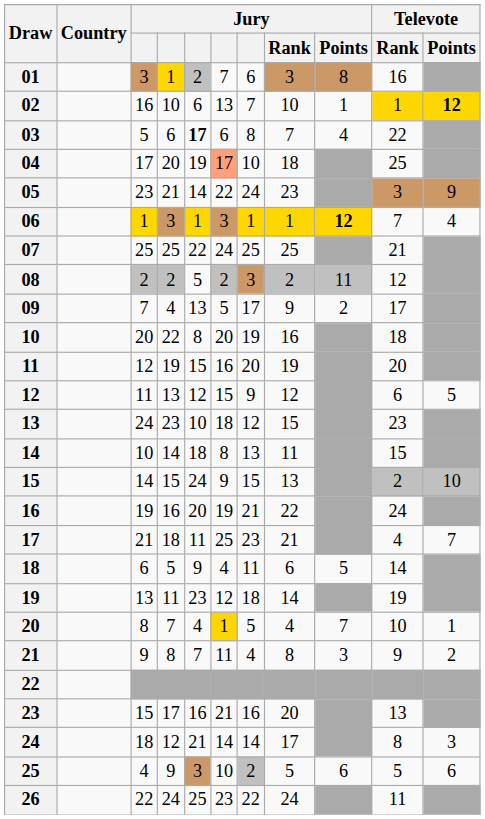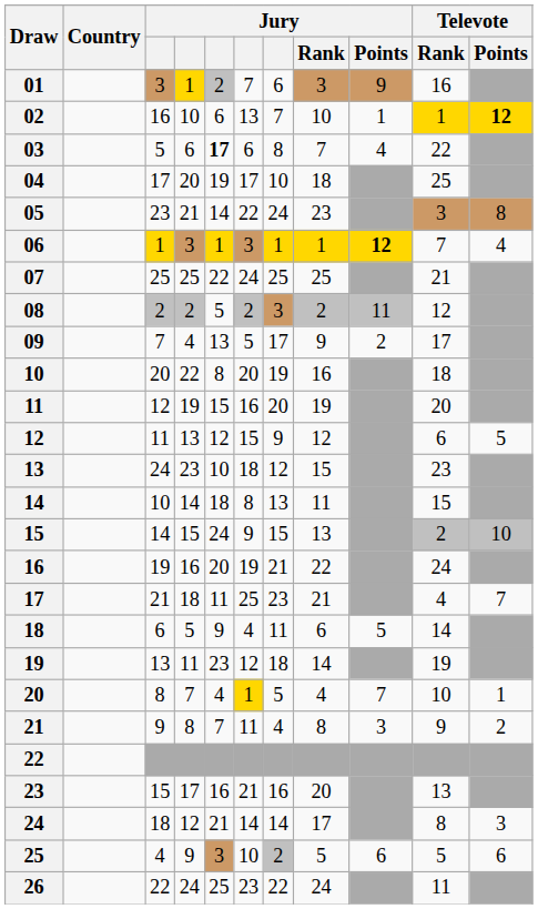 <table class="sortable wikitable collapsible plainrowheaders" style="text-align:center;">
 <tr>
 </tr>
 <tr>
 <th scope="col" rowspan="2">Draw</th>
 <th scope="col" rowspan="2">Country</th>
 <th scope="col" colspan="7">Jury</th>
 <th scope="col" colspan="2">Televote</th>
 </tr>
 <tr>
 <th scope="col"><small></small></th>
 <th scope="col"><small></small></th>
 <th scope="col"><small></small></th>
 <th scope="col"><small></small></th>
 <th scope="col"><small></small></th>
 <th scope="col">Rank</th>
 <th scope="col">Points</th>
 <th scope="col">Rank</th>
 <th scope="col">Points</th>
 </tr>
 <tr>
 <th scope="row" style="text-align:center;">01</th>
 <td style="text-align:left;"></td>
 <td style="background:#CC9966;">3</td>
 <td style="background:gold;">1</td>
 <td style="background:silver;">2</td>
 <td>7</td>
 <td>6</td>
 <td style="background:#CC9966;">3</td>
-<td style="background:#CC9966;">8</td>
+<td style="background:#CC9966;">9</td>
 <td>16</td>
 <td style="background:#AAAAAA;"></td>
 </tr>
 <tr>
 <th scope="row" style="text-align:center;">02</th>
 <td style="text-align:left;"></td>
 <td>16</td>
 <td>10</td>
 <td>6</td>
 <td>13</td>
 <td>7</td>
 <td>10</td>
 <td>1</td>
 <td style="background:gold;">1</td>
 <td style="background:gold;"><strong>12</strong></td>
 </tr>
 <tr>
 <th scope="row" style="text-align:center;">03</th>
 <td style="text-align:left;"></td>
 <td>5</td>
 <td>6</td>
 <td><strong>17</strong></td>
 <td>6</td>
 <td>8</td>
 <td>7</td>
 <td>4</td>
 <td>22</td>
 <td style="background:#AAAAAA;"></td>
 </tr>
 <tr>
 <th scope="row" style="text-align:center;">04</th>
 <td style="text-align:left;"></td>
 <td>17</td>
 <td>20</td>
 <td>19</td>
-<td style="background: lightsalmon;">17</td>
+<td>17</td>
 <td>10</td>
 <td>18</td>
 <td style="background:#AAAAAA;"></td>
 <td>25</td>
 <td style="background:#AAAAAA;"></td>
 </tr>
 <tr>
 <th scope="row" style="text-align:center;">05</th>
 <td style="text-align:left;"></td>
 <td>23</td>
 <td>21</td>
 <td>14</td>
 <td>22</td>
 <td>24</td>
 <td>23</td>
 <td style="background:#AAAAAA;"></td>
 <td style="background:#CC9966;">3</td>
-<td style="background:#CC9966;">9</td>
+<td style="background:#CC9966;">8</td>
 </tr>
 <tr>
 <th scope="row" style="text-align:center;">06</th>
 <td style="text-align:left;"></td>
 <td style="background:gold;">1</td>
 <td style="background:#CC9966;">3</td>
 <td style="background:gold;">1</td>
 <td style="background:#CC9966;">3</td>
 <td style="background:gold;">1</td>
 <td style="background:gold;">1</td>
 <td style="background:gold;"><strong>12</strong></td>
 <td>7</td>
 <td>4</td>
 </tr>
 <tr>
 <th scope="row" style="text-align:center;">07</th>
 <td style="text-align:left;"></td>
 <td>25</td>
 <td>25</td>
 <td>22</td>
 <td>24</td>
 <td>25</td>
 <td>25</td>
 <td style="background:#AAAAAA;"></td>
 <td>21</td>
 <td style="background:#AAAAAA;"></td>
 </tr>
 <tr>
 <th scope="row" style="text-align:center;">08</th>
 <td style="text-align:left;"></td>
 <td style="background:silver;">2</td>
 <td style="background:silver;">2</td>
 <td>5</td>
 <td style="background:silver;">2</td>
 <td style="background:#CC9966;">3</td>
 <td style="background:silver;">2</td>
 <td style="background:silver;">11</td>
 <td>12</td>
 <td style="background:#AAAAAA;"></td>
 </tr>
 <tr>
 <th scope="row" style="text-align:center;">09</th>
 <td style="text-align:left;"></td>
 <td>7</td>
 <td>4</td>
 <td>13</td>
 <td>5</td>
 <td>17</td>
 <td>9</td>
 <td>2</td>
 <td>17</td>
 <td style="background:#AAAAAA;"></td>
 </tr>
 <tr>
 <th scope="row" style="text-align:center;">10</th>
 <td style="text-align:left;"></td>
 <td>20</td>
 <td>22</td>
 <td>8</td>
 <td>20</td>
 <td>19</td>
 <td>16</td>
 <td style="background:#AAAAAA;"></td>
 <td>18</td>
 <td style="background:#AAAAAA;"></td>
 </tr>
 <tr>
 <th scope="row" style="text-align:center;">11</th>
 <td style="text-align:left;"></td>
 <td>12</td>
 <td>19</td>
 <td>15</td>
 <td>16</td>
 <td>20</td>
 <td>19</td>
 <td style="background:#AAAAAA;"></td>
 <td>20</td>
 <td style="background:#AAAAAA;"></td>
 </tr>
 <tr>
 <th scope="row" style="text-align:center;">12</th>
 <td style="text-align:left;"></td>
 <td>11</td>
 <td>13</td>
 <td>12</td>
 <td>15</td>
 <td>9</td>
 <td>12</td>
 <td style="background:#AAAAAA;"></td>
 <td>6</td>
 <td>5</td>
 </tr>
 <tr>
 <th scope="row" style="text-align:center;">13</th>
 <td style="text-align:left;"></td>
 <td>24</td>
 <td>23</td>
 <td>10</td>
 <td>18</td>
 <td>12</td>
 <td>15</td>
 <td style="background:#AAAAAA;"></td>
 <td>23</td>
 <td style="background:#AAAAAA;"></td>
 </tr>
 <tr>
 <th scope="row" style="text-align:center;">14</th>
 <td style="text-align:left;"></td>
 <td>10</td>
 <td>14</td>
 <td>18</td>
 <td>8</td>
 <td>13</td>
 <td>11</td>
 <td style="background:#AAAAAA;"></td>
 <td>15</td>
 <td style="background:#AAAAAA;"></td>
 </tr>
 <tr>
 <th scope="row" style="text-align:center;">15</th>
 <td style="text-align:left;"></td>
 <td>14</td>
 <td>15</td>
 <td>24</td>
 <td>9</td>
 <td>15</td>
 <td>13</td>
 <td style="background:#AAAAAA;"></td>
 <td style="background:silver;">2</td>
 <td style="background:silver;">10</td>
 </tr>
 <tr>
 <th scope="row" style="text-align:center;">16</th>
 <td style="text-align:left;"></td>
 <td>19</td>
 <td>16</td>
 <td>20</td>
 <td>19</td>
 <td>21</td>
 <td>22</td>
 <td style="background:#AAAAAA;"></td>
 <td>24</td>
 <td style="background:#AAAAAA;"></td>
 </tr>
 <tr>
 <th scope="row" style="text-align:center;">17</th>
 <td style="text-align:left;"></td>
 <td>21</td>
 <td>18</td>
 <td>11</td>
 <td>25</td>
 <td>23</td>
 <td>21</td>
 <td style="background:#AAAAAA;"></td>
 <td>4</td>
 <td>7</td>
 </tr>
 <tr>
 <th scope="row" style="text-align:center;">18</th>
 <td style="text-align:left;"></td>
 <td>6</td>
 <td>5</td>
 <td>9</td>
 <td>4</td>
 <td>11</td>
 <td>6</td>
 <td>5</td>
 <td>14</td>
 <td style="background:#AAAAAA;"></td>
 </tr>
 <tr>
 <th scope="row" style="text-align:center;">19</th>
 <td style="text-align:left;"></td>
 <td>13</td>
 <td>11</td>
 <td>23</td>
 <td>12</td>
 <td>18</td>
 <td>14</td>
 <td style="background:#AAAAAA;"></td>
 <td>19</td>
 <td style="background:#AAAAAA;"></td>
 </tr>
 <tr>
 <th scope="row" style="text-align:center;">20</th>
 <td style="text-align:left;"></td>
 <td>8</td>
 <td>7</td>
 <td>4</td>
 <td style="background:gold;">1</td>
 <td>5</td>
 <td>4</td>
 <td>7</td>
 <td>10</td>
 <td>1</td>
 </tr>
 <tr>
 <th scope="row" style="text-align:center;">21</th>
 <td style="text-align:left;"></td>
 <td>9</td>
 <td>8</td>
 <td>7</td>
 <td>11</td>
 <td>4</td>
 <td>8</td>
 <td>3</td>
 <td>9</td>
 <td>2</td>
 </tr>
 <tr class="sortbottom">
 <th scope="row" style="text-align:center;">22</th>
 <td style="text-align:left;"></td>
 <td style="background:#AAAAAA;"></td>
 <td style="background:#AAAAAA;"></td>
 <td style="background:#AAAAAA;"></td>
 <td style="background:#AAAAAA;"></td>
 <td style="background:#AAAAAA;"></td>
 <td style="background:#AAAAAA;"></td>
 <td style="background:#AAAAAA;"></td>
 <td style="background:#AAAAAA;"></td>
 <td style="background:#AAAAAA;"></td>
 </tr>
 <tr>
 <th scope="row" style="text-align:center;">23</th>
 <td style="text-align:left;"></td>
 <td>15</td>
 <td>17</td>
 <td>16</td>
 <td>21</td>
 <td>16</td>
 <td>20</td>
 <td style="background:#AAAAAA;"></td>
 <td>13</td>
 <td style="background:#AAAAAA;"></td>
 </tr>
 <tr>
 <th scope="row" style="text-align:center;">24</th>
 <td style="text-align:left;"></td>
 <td>18</td>
 <td>12</td>
 <td>21</td>
 <td>14</td>
 <td>14</td>
 <td>17</td>
 <td style="background:#AAAAAA;"></td>
 <td>8</td>
 <td>3</td>
 </tr>
 <tr>
 <th scope="row" style="text-align:center;">25</th>
 <td style="text-align:left;"></td>
 <td>4</td>
 <td>9</td>
 <td style="background:#CC9966;">3</td>
 <td>10</td>
 <td style="background:silver;">2</td>
 <td>5</td>
 <td>6</td>
 <td>5</td>
 <td>6</td>
 </tr>
 <tr>
 <th scope="row" style="text-align:center;">26</th>
 <td style="text-align:left;"></td>
 <td>22</td>
 <td>24</td>
 <td>25</td>
 <td>23</td>
 <td>22</td>
 <td>24</td>
 <td style="background:#AAAAAA;"></td>
 <td>11</td>
 <td style="background:#AAAAAA;"></td>
 </tr>
 </table>
